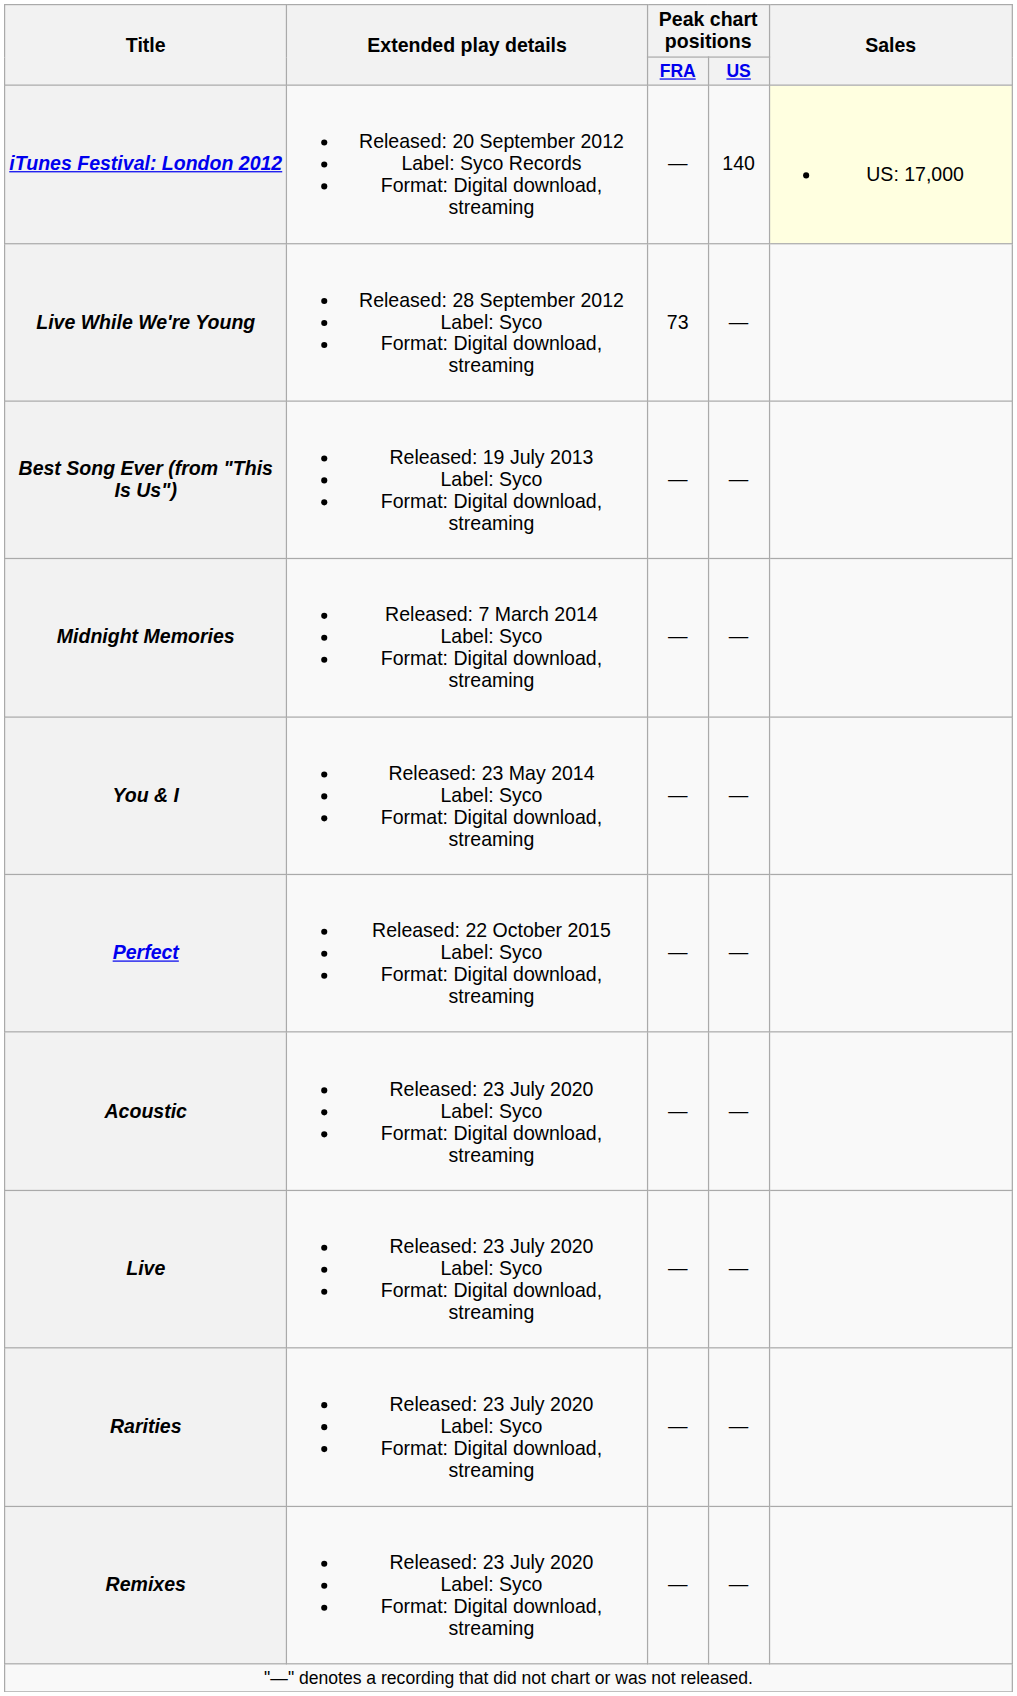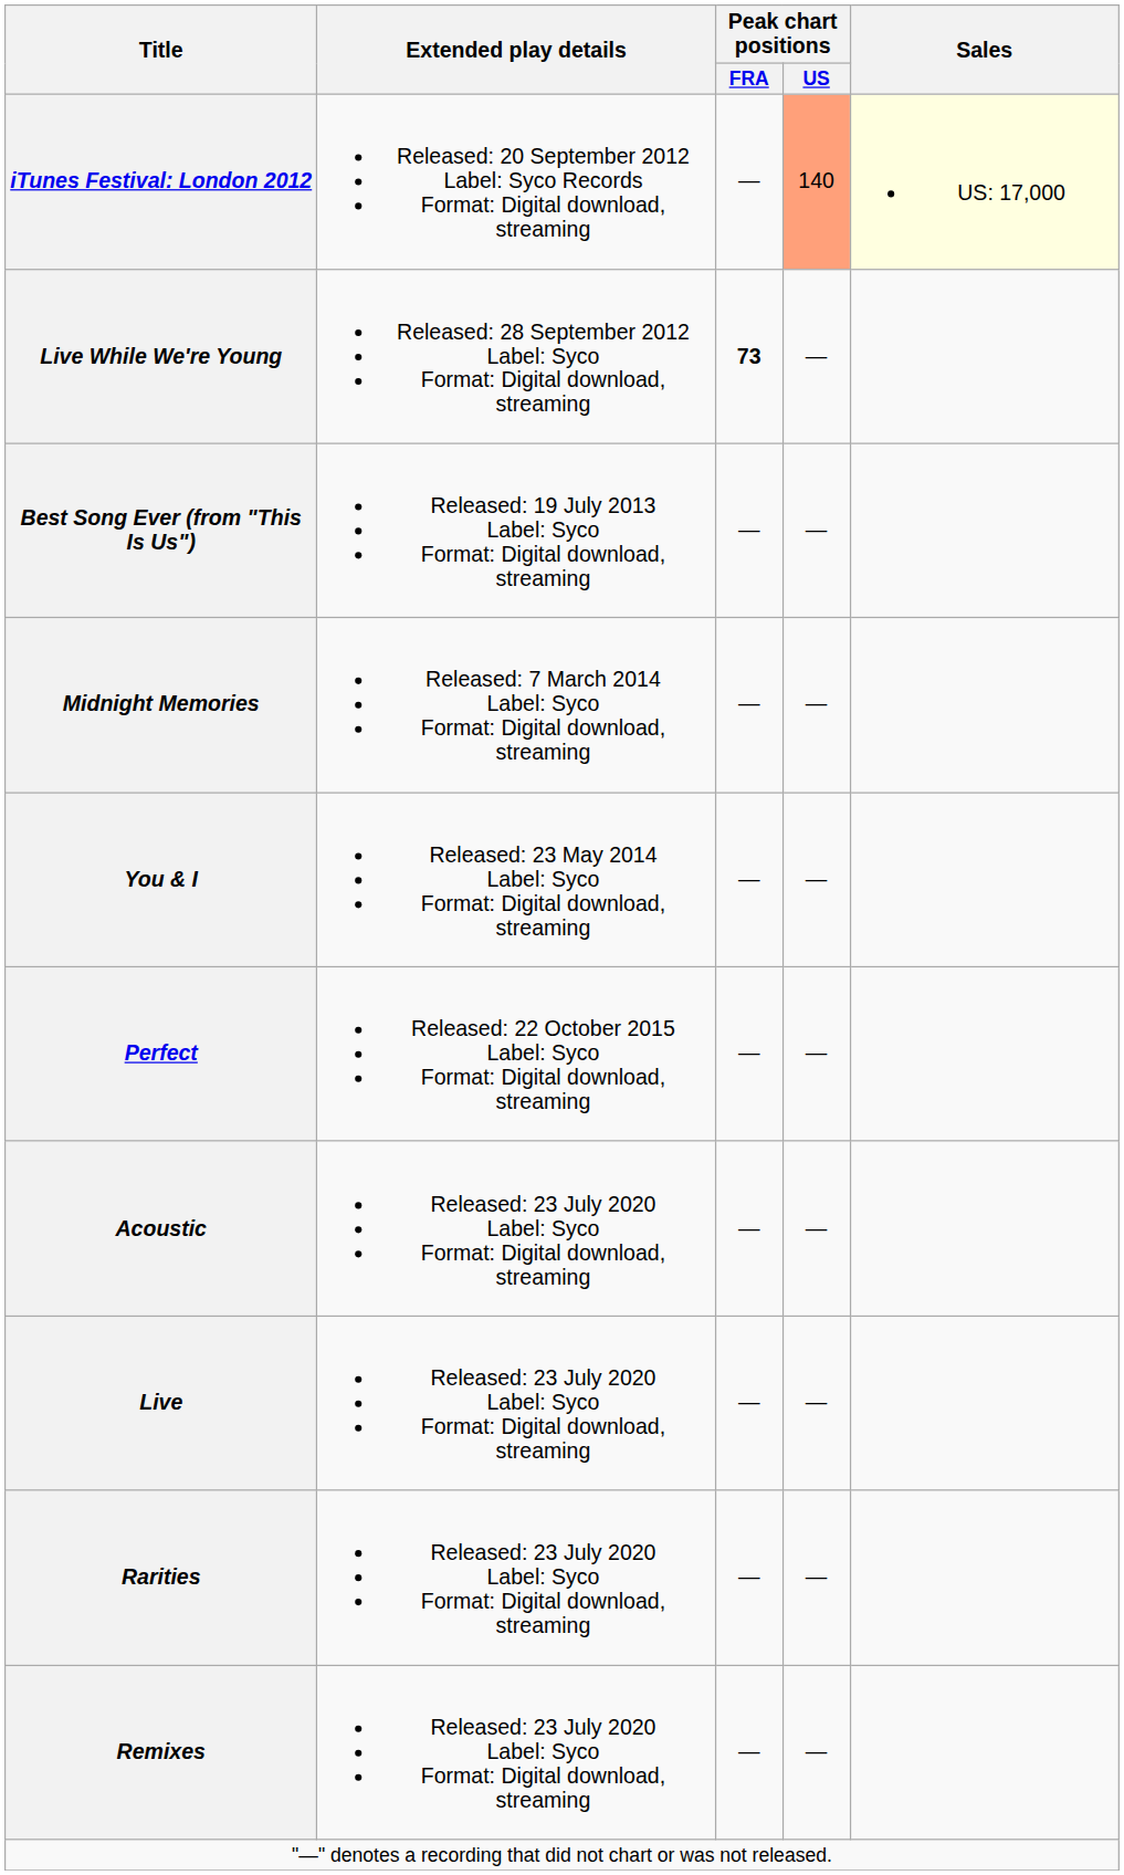 <table class="wikitable plainrowheaders" style="text-align:center;">
 <tr>
 <th scope="col" rowspan="2" style="width:14em;">Title</th>
 <th scope="col" rowspan="2" style="width:18em;">Extended play details</th>
 <th scope="col" colspan="2">Peak chart positions</th>
 <th scope="col" rowspan="2" style="width:12em;">Sales</th>
 </tr>
 <tr>
 <th scope="col" style="width:3em;font-size:90%;"><a href='#'>FRA</a><br></th>
 <th scope="col" style="width:3em;font-size:90%;"><a href='#'>US</a><br></th>
 </tr>
 <tr>
 <th scope="row"><em><a href='#'>iTunes Festival: London 2012</a></em></th>
 <td><br><ul><li>Released: 20 September 2012</li><li>Label: Syco Records</li><li>Format: Digital download, streaming</li></ul></td>
 <td>—</td>
-<td>140</td>
+<td style="background: lightsalmon;">140</td>
 <td style="background: lightyellow;"><br><ul><li>US: 17,000</li></ul></td>
 </tr>
 <tr>
 <th scope="row"><em>Live While We're Young</em></th>
 <td><br><ul><li>Released: 28 September 2012</li><li>Label: Syco</li><li>Format: Digital download, streaming</li></ul></td>
-<td>73</td>
+<td><strong>73</strong></td>
 <td>—</td>
 <td></td>
 </tr>
 <tr>
 <th scope="row"><em>Best Song Ever (from "This Is Us")</em></th>
 <td><br><ul><li>Released: 19 July 2013</li><li>Label: Syco</li><li>Format: Digital download, streaming</li></ul></td>
 <td>—</td>
 <td>—</td>
 <td></td>
 </tr>
 <tr>
 <th scope="row"><em>Midnight Memories</em></th>
 <td><br><ul><li>Released: 7 March 2014</li><li>Label: Syco</li><li>Format: Digital download, streaming</li></ul></td>
 <td>—</td>
 <td>—</td>
 <td></td>
 </tr>
 <tr>
 <th scope="row"><em>You & I</em></th>
 <td><br><ul><li>Released: 23 May 2014</li><li>Label: Syco</li><li>Format: Digital download, streaming</li></ul></td>
 <td>—</td>
 <td>—</td>
 <td></td>
 </tr>
 <tr>
 <th scope="row"><em><a href='#'>Perfect</a></em></th>
 <td><br><ul><li>Released: 22 October 2015</li><li>Label: Syco</li><li>Format: Digital download, streaming</li></ul></td>
 <td>—</td>
 <td>—</td>
 <td></td>
 </tr>
 <tr>
 <th scope="row"><em>Acoustic</em></th>
 <td><br><ul><li>Released: 23 July 2020</li><li>Label: Syco</li><li>Format: Digital download, streaming</li></ul></td>
 <td>—</td>
 <td>—</td>
 <td></td>
 </tr>
 <tr>
 <th scope="row"><em>Live</em></th>
 <td><br><ul><li>Released: 23 July 2020</li><li>Label: Syco</li><li>Format: Digital download, streaming</li></ul></td>
 <td>—</td>
 <td>—</td>
 <td></td>
 </tr>
 <tr>
 <th scope="row"><em>Rarities</em></th>
 <td><br><ul><li>Released: 23 July 2020</li><li>Label: Syco</li><li>Format: Digital download, streaming</li></ul></td>
 <td>—</td>
 <td>—</td>
 <td></td>
 </tr>
 <tr>
 <th scope="row"><em>Remixes</em></th>
 <td><br><ul><li>Released: 23 July 2020</li><li>Label: Syco</li><li>Format: Digital download, streaming</li></ul></td>
 <td>—</td>
 <td>—</td>
 <td></td>
 </tr>
 <tr>
 <td colspan="6" style="font-size:90%">"—" denotes a recording that did not chart or was not released.</td>
 </tr>
 </table>
